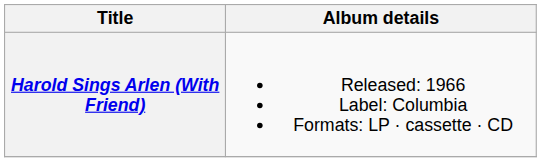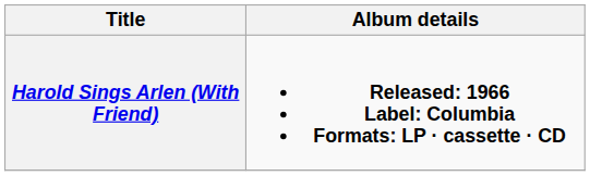 <table class="wikitable plainrowheaders" style="text-align:center;" border="1">
 <tr>
 <th scope="col" rowspan="1" style="width:12em;">Title</th>
 <th scope="col" rowspan="1" style="width:17em;">Album details</th>
 </tr>
 <tr>
 <th scope="row"><em><a href='#'>Harold Sings Arlen (With Friend)</a></em></th>
-<td><br><ul><li>Released: 1966</li><li>Label: Columbia</li><li>Formats: LP · cassette · CD</li></ul></td>
+<td><strong><br><ul><li>Released: 1966</li><li>Label: Columbia</li><li>Formats: LP · cassette · CD</li></ul></strong></td>
 </tr>
 <tr>
 </tr>
 </table>
